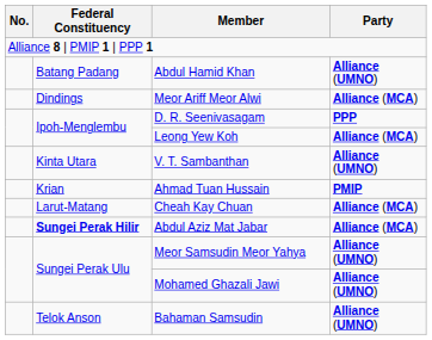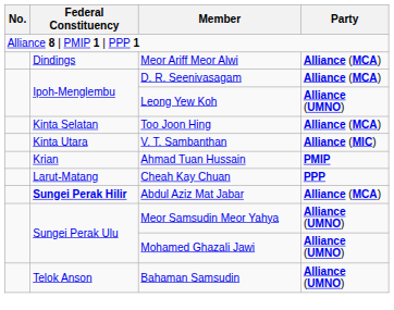 <table class="wikitable sortable">
 <tr>
 <th style="width:30px;">No.</th>
 <th style="width:150px;">Federal Constituency</th>
 <th style="width:230px;">Member</th>
 <th style="width:120px;">Party</th>
 </tr>
 <tr>
 <td colspan="4"><a href='#'>Alliance</a> <strong>8</strong> | <a href='#'>PMIP</a> <strong>1</strong> | <a href='#'>PPP</a> <strong>1</strong></td>
 </tr>
 <tr>
 <td></td>
-<td><a href='#'>Batang Padang</a></td>
-<td><a href='#'>Abdul Hamid Khan</a></td>
-<td><strong><a href='#'>Alliance</a></strong> (<strong><a href='#'>UMNO</a></strong>)</td>
-</tr>
-<tr>
-<td></td>
 <td><a href='#'>Dindings</a></td>
 <td><a href='#'>Meor Ariff Meor Alwi</a></td>
 <td><strong><a href='#'>Alliance</a></strong> (<strong><a href='#'>MCA</a></strong>)</td>
 </tr>
 <tr>
 <td rowspan=2></td>
 <td rowspan=2><a href='#'>Ipoh-Menglembu</a></td>
 <td><a href='#'>D. R. Seenivasagam</a> </td>
-<td><strong><a href='#'>PPP</a></strong></td>
+<td><strong><a href='#'>Alliance</a></strong> (<strong><a href='#'>MCA</a></strong>)</td>
 </tr>
 <tr>
 <td><a href='#'>Leong Yew Koh</a> </td>
+<td><strong><a href='#'>Alliance</a></strong> (<strong><a href='#'>UMNO</a></strong>)</td>
+</tr>
+<tr>
+<td></td>
+<td><a href='#'>Kinta Selatan</a></td>
+<td><a href='#'>Too Joon Hing</a></td>
 <td><strong><a href='#'>Alliance</a></strong> (<strong><a href='#'>MCA</a></strong>)</td>
 </tr>
 <tr>
 <td></td>
 <td><a href='#'>Kinta Utara</a></td>
 <td><a href='#'>V. T. Sambanthan</a></td>
-<td><strong><a href='#'>Alliance</a></strong> (<strong><a href='#'>UMNO</a></strong>)</td>
+<td><strong><a href='#'>Alliance</a></strong> (<strong><a href='#'>MIC</a></strong>)</td>
 </tr>
 <tr>
 <td></td>
 <td><a href='#'>Krian</a></td>
 <td><a href='#'>Ahmad Tuan Hussain</a></td>
 <td><strong><a href='#'>PMIP</a></strong></td>
 </tr>
 <tr>
 <td></td>
 <td><a href='#'>Larut-Matang</a></td>
 <td><a href='#'>Cheah Kay Chuan</a></td>
-<td><strong><a href='#'>Alliance</a></strong> (<strong><a href='#'>MCA</a></strong>)</td>
+<td><strong><a href='#'>PPP</a></strong></td>
 </tr>
 <tr>
 <td></td>
 <td><strong><a href='#'>Sungei Perak Hilir</a></strong></td>
 <td><a href='#'>Abdul Aziz Mat Jabar</a></td>
 <td><strong><a href='#'>Alliance</a></strong> (<strong><a href='#'>MCA</a></strong>)</td>
 </tr>
 <tr>
 <td rowspan=2></td>
 <td rowspan=2><a href='#'>Sungei Perak Ulu</a></td>
 <td><a href='#'>Meor Samsudin Meor Yahya</a> </td>
 <td><strong><a href='#'>Alliance</a></strong> (<strong><a href='#'>UMNO</a></strong>)</td>
 </tr>
 <tr>
 <td><a href='#'>Mohamed Ghazali Jawi</a> </td>
 <td><strong><a href='#'>Alliance</a></strong> (<strong><a href='#'>UMNO</a></strong>)</td>
 </tr>
 <tr>
 <td></td>
 <td><a href='#'>Telok Anson</a></td>
 <td><a href='#'>Bahaman Samsudin</a></td>
 <td><strong><a href='#'>Alliance</a></strong> (<strong><a href='#'>UMNO</a></strong>)</td>
 </tr>
 </table>
